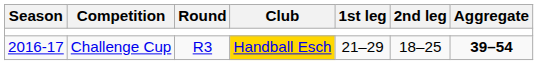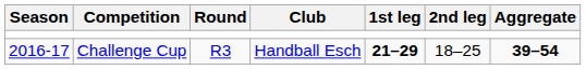 <table class="wikitable">
 <tr>
 <th>Season</th>
 <th>Competition</th>
 <th>Round</th>
 <th>Club</th>
 <th>1st leg</th>
 <th>2nd leg</th>
 <th>Aggregate</th>
 </tr>
 <tr>
 <td colspan="7" bgcolor=white></td>
 </tr>
 <tr>
 <td><a href='#'>2016-17</a></td>
 <td><a href='#'>Challenge Cup</a></td>
 <td style="text-align:center;"><a href='#'>R3</a></td>
-<td style="background: gold;"> <a href='#'>Handball Esch</a></td>
-<td style="text-align:center;">21–29</td>
+<td> <a href='#'>Handball Esch</a></td>
+<td style="text-align:center;"><strong>21–29</strong></td>
 <td style="text-align:center;">18–25</td>
 <td style="text-align:center;"><strong>39–54</strong></td>
 </tr>
 </table>
